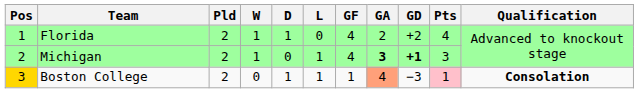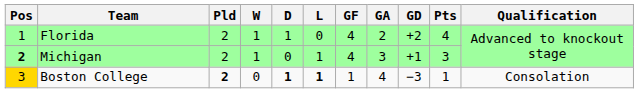 <table class="wikitable" style="text-align:center; margin: 1em auto">
 <tr>
 <th style="width:2em">Pos</th>
 <th style="width:13em">Team</th>
 <th style="width:2em">Pld</th>
 <th style="width:2em">W</th>
 <th style="width:2em">D</th>
 <th style="width:2em">L</th>
 <th style="width:2em">GF</th>
 <th style="width:2em">GA</th>
 <th style="width:2em">GD</th>
 <th style="width:2em">Pts</th>
 <th style="width:13em">Qualification</th>
 </tr>
 <tr bgcolor="#9eff9e">
 <td>1</td>
 <td style="text-align:left">Florida</td>
 <td>2</td>
 <td>1</td>
 <td>1</td>
 <td>0</td>
 <td>4</td>
 <td>2</td>
 <td>+2</td>
 <td>4</td>
 <td rowspan="2">Advanced to knockout stage</td>
 </tr>
 <tr bgcolor="#9eff9e">
-<td>2</td>
+<td><strong>2</strong></td>
 <td style="text-align:left">Michigan</td>
 <td>2</td>
 <td>1</td>
 <td>0</td>
 <td>1</td>
 <td>4</td>
-<td><strong>3</strong></td>
-<td><strong>+1</strong></td>
+<td>3</td>
+<td>+1</td>
 <td>3</td>
 </tr>
 <tr>
 <td style="background: gold;">3</td>
 <td style="text-align:left">Boston College</td>
-<td>2</td>
+<td><strong>2</strong></td>
 <td>0</td>
+<td><strong>1</strong></td>
+<td><strong>1</strong></td>
 <td>1</td>
+<td>4</td>
+<td>−3</td>
 <td>1</td>
-<td>1</td>
-<td style="background: lightsalmon;">4</td>
-<td>−3</td>
-<td style="background: pink;">1</td>
-<td><strong>Consolation</strong></td>
+<td>Consolation</td>
 </tr>
 </table>
